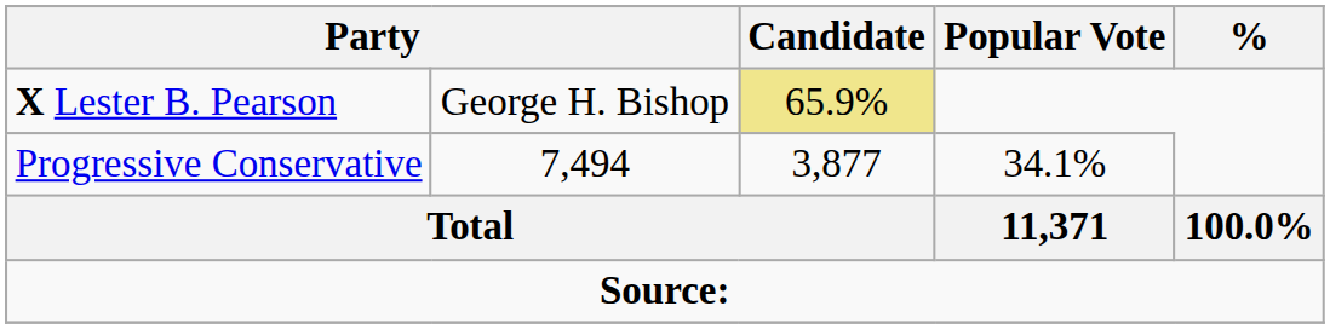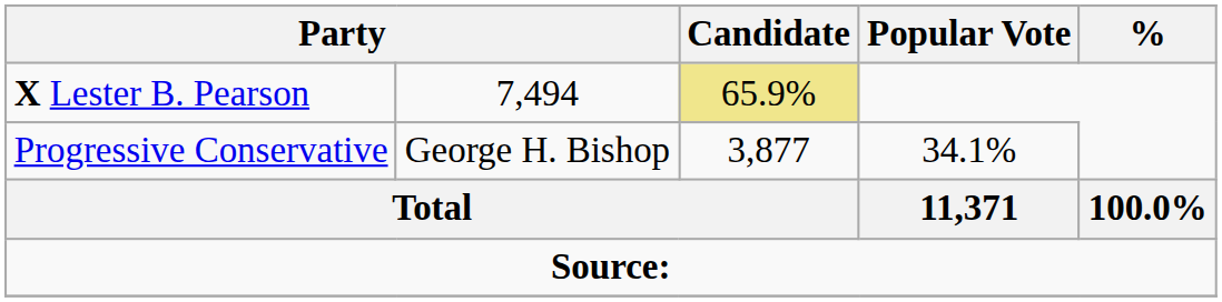 <table class="wikitable">
 <tr>
 <th colspan="2">Party</th>
 <th>Candidate</th>
 <th>Popular Vote</th>
 <th>%</th>
 </tr>
 <tr>
 <td> <strong>X</strong> <a href='#'>Lester B. Pearson</a></td>
-<td>George H. Bishop</td>
+<td align=center>7,494</td>
 <td align=center style="background: khaki;">65.9%</td>
 </tr>
 <tr>
 <td><a href='#'>Progressive Conservative</a></td>
-<td align=center>7,494</td>
+<td>George H. Bishop</td>
 <td align=center>3,877</td>
 <td align=center>34.1%</td>
 </tr>
 <tr>
 <th colspan=3 align=center>Total</th>
 <th align=right>11,371</th>
 <th align=right>100.0%</th>
 </tr>
 <tr>
 <td align="center" colspan=5><strong>Source:</strong> </td>
 </tr>
 <tr>
 </tr>
 </table>
